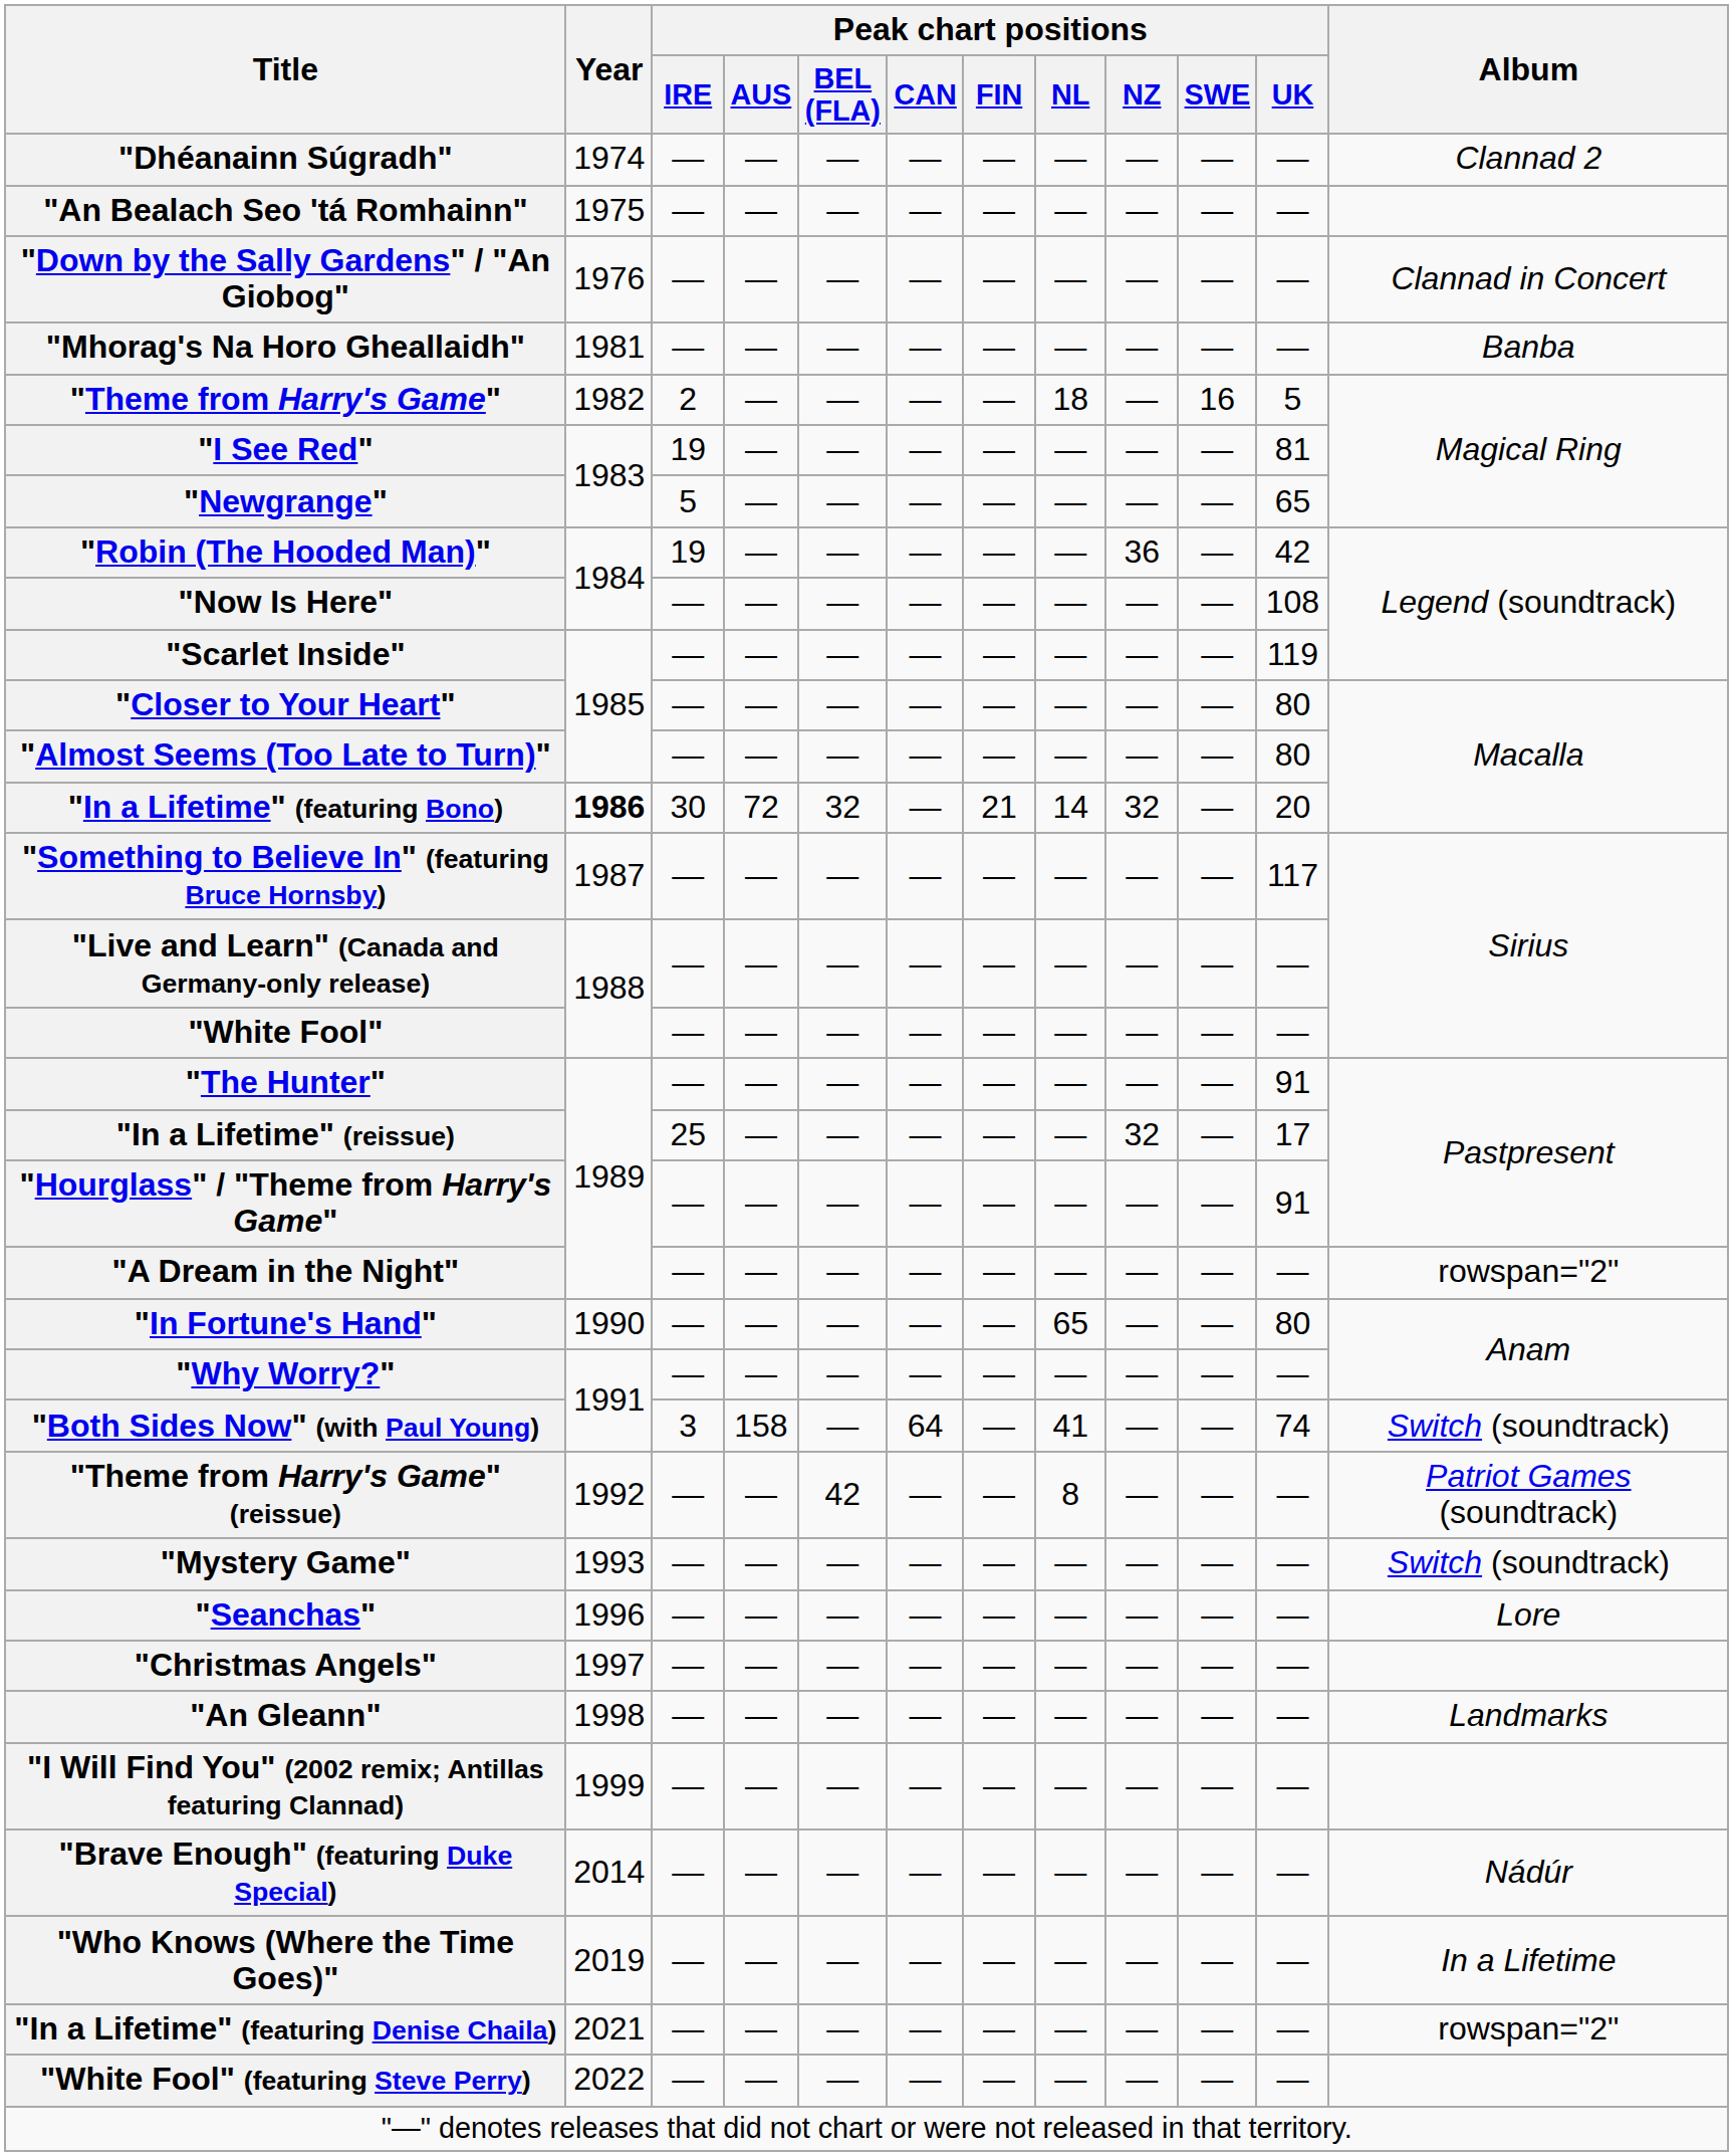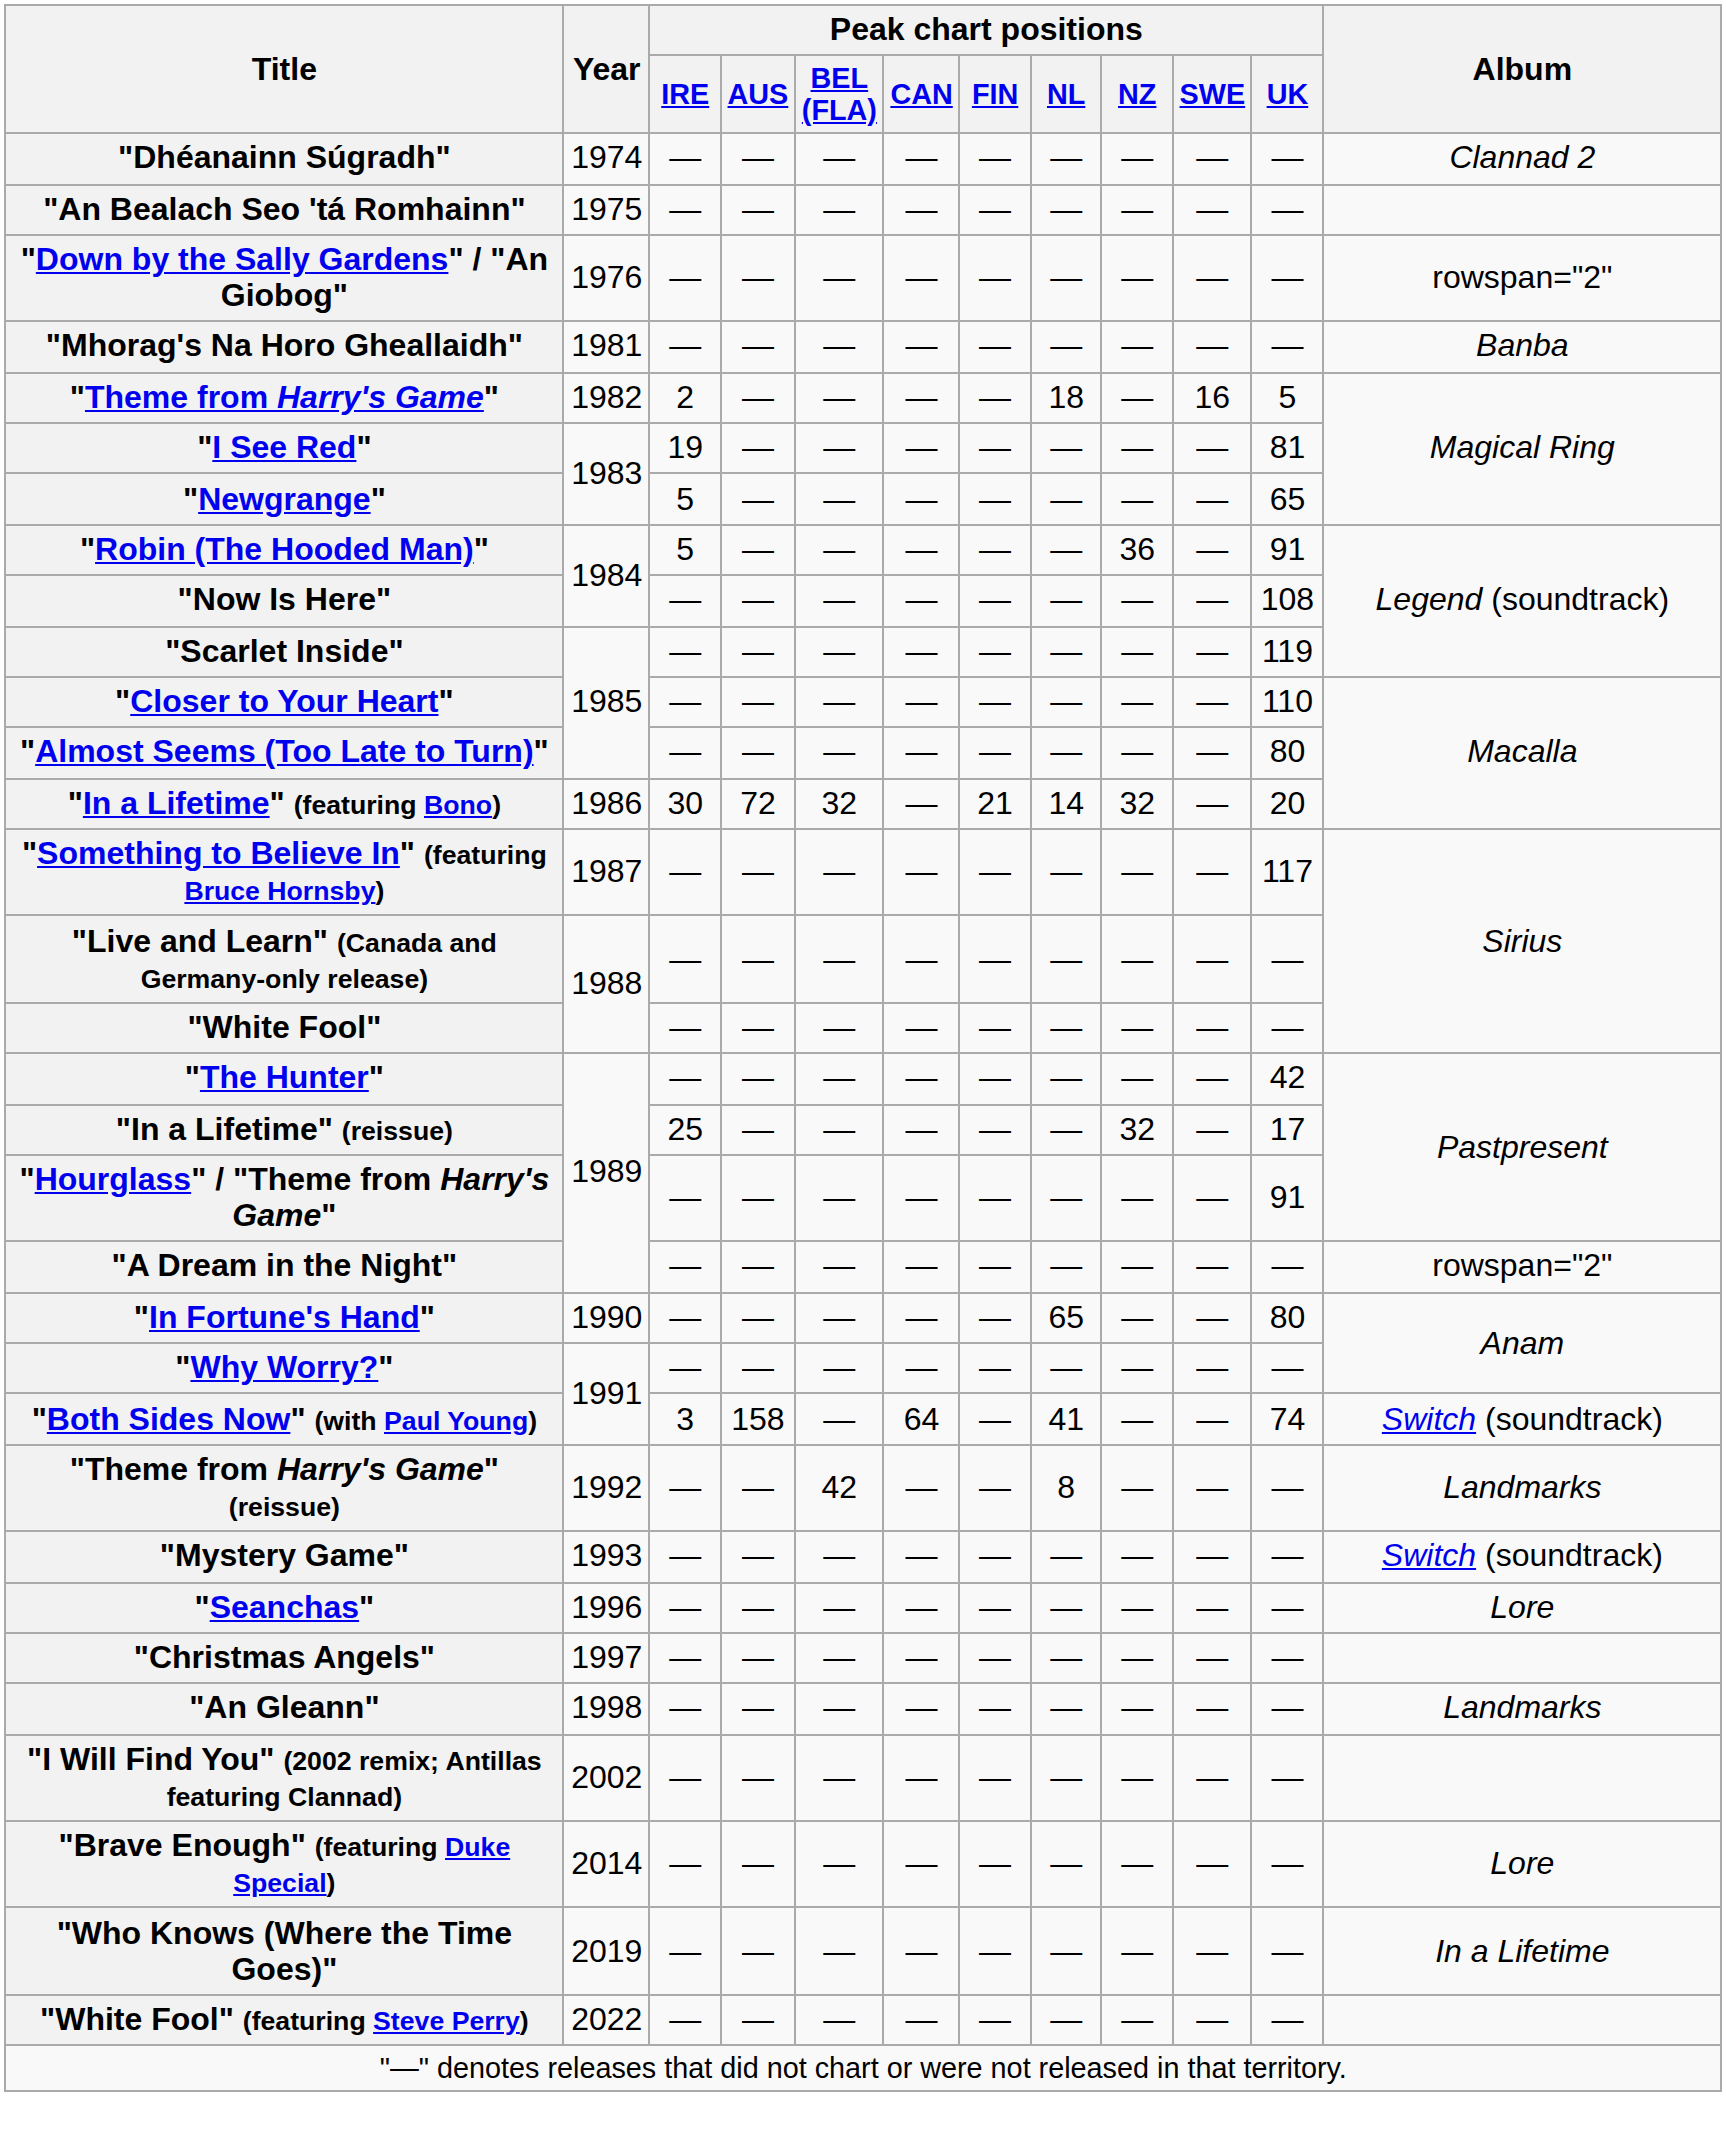 <table class="wikitable plainrowheaders" style="text-align:center;">
 <tr>
 <th rowspan="2" scope="col" style="width:17em;">Title</th>
 <th rowspan="2" scope="col" style="width:2em;">Year</th>
 <th colspan="9">Peak chart positions</th>
 <th rowspan="2" style="width:12em;">Album</th>
 </tr>
 <tr>
 <th scope="col" style="width:2em;font-size:90%;"><a href='#'>IRE</a><br></th>
 <th scope="col" style="width:2em;font-size:90%;"><a href='#'>AUS</a><br></th>
 <th scope="col" style="width:2em;font-size:90%;"><a href='#'>BEL (FLA)</a><br></th>
 <th scope="col" style="width:2em;font-size:90%;"><a href='#'>CAN</a><br></th>
 <th scope="col" style="width:2em;font-size:90%;"><a href='#'>FIN</a><br></th>
 <th scope="col" style="width:2em;font-size:90%;"><a href='#'>NL</a><br></th>
 <th scope="col" style="width:2em;font-size:90%;"><a href='#'>NZ</a><br></th>
 <th scope="col" style="width:2em;font-size:90%;"><a href='#'>SWE</a><br></th>
 <th scope="col" style="width:2em;font-size:90%;"><a href='#'>UK</a><br></th>
 </tr>
 <tr>
 <th scope="row">"Dhéanainn Súgradh"</th>
 <td>1974</td>
 <td>—</td>
 <td>—</td>
 <td>—</td>
 <td>—</td>
 <td>—</td>
 <td>—</td>
 <td>—</td>
 <td>—</td>
 <td>—</td>
 <td><em>Clannad 2</em></td>
 </tr>
 <tr>
 <th scope="row">"An Bealach Seo 'tá Romhainn"</th>
 <td>1975</td>
 <td>—</td>
 <td>—</td>
 <td>—</td>
 <td>—</td>
 <td>—</td>
 <td>—</td>
 <td>—</td>
 <td>—</td>
 <td>—</td>
 <td></td>
 </tr>
 <tr>
 <th scope="row">"<a href='#'>Down by the Sally Gardens</a>" / "An Giobog"</th>
 <td>1976</td>
 <td>—</td>
 <td>—</td>
 <td>—</td>
 <td>—</td>
 <td>—</td>
 <td>—</td>
 <td>—</td>
 <td>—</td>
 <td>—</td>
-<td><em>Clannad in Concert</em></td>
+<td>rowspan="2" </td>
 </tr>
 <tr>
 <th scope="row">"Mhorag's Na Horo Gheallaidh"</th>
 <td>1981</td>
 <td>—</td>
 <td>—</td>
 <td>—</td>
 <td>—</td>
 <td>—</td>
 <td>—</td>
 <td>—</td>
 <td>—</td>
 <td>—</td>
 <td><em>Banba</em></td>
 </tr>
 <tr>
 <th scope="row">"<a href='#'>Theme from <em>Harry's Game</em></a>"</th>
 <td>1982</td>
 <td>2</td>
 <td>—</td>
 <td>—</td>
 <td>—</td>
 <td>—</td>
 <td>18</td>
 <td>—</td>
 <td>16</td>
 <td>5</td>
 <td rowspan="3"><em>Magical Ring</em></td>
 </tr>
 <tr>
 <th scope="row">"<a href='#'>I See Red</a>"</th>
 <td rowspan="2">1983</td>
 <td>19</td>
 <td>—</td>
 <td>—</td>
 <td>—</td>
 <td>—</td>
 <td>—</td>
 <td>—</td>
 <td>—</td>
 <td>81</td>
 </tr>
 <tr>
 <th scope="row">"<a href='#'>Newgrange</a>"</th>
 <td>5</td>
 <td>—</td>
 <td>—</td>
 <td>—</td>
 <td>—</td>
 <td>—</td>
 <td>—</td>
 <td>—</td>
 <td>65</td>
 </tr>
 <tr>
 <th scope="row">"<a href='#'>Robin (The Hooded Man)</a>"</th>
 <td rowspan="2">1984</td>
-<td>19</td>
+<td>5</td>
 <td>—</td>
 <td>—</td>
 <td>—</td>
 <td>—</td>
 <td>—</td>
 <td>36</td>
 <td>—</td>
-<td>42</td>
+<td>91</td>
 <td rowspan="3"><em>Legend</em> (soundtrack)</td>
 </tr>
 <tr>
 <th scope="row">"Now Is Here"</th>
 <td>—</td>
 <td>—</td>
 <td>—</td>
 <td>—</td>
 <td>—</td>
 <td>—</td>
 <td>—</td>
 <td>—</td>
 <td>108</td>
 </tr>
 <tr>
 <th scope="row">"Scarlet Inside"</th>
 <td rowspan="3">1985</td>
 <td>—</td>
 <td>—</td>
 <td>—</td>
 <td>—</td>
 <td>—</td>
 <td>—</td>
 <td>—</td>
 <td>—</td>
 <td>119</td>
 </tr>
 <tr>
 <th scope="row">"<a href='#'>Closer to Your Heart</a>"</th>
 <td>—</td>
 <td>—</td>
 <td>—</td>
 <td>—</td>
 <td>—</td>
 <td>—</td>
 <td>—</td>
 <td>—</td>
-<td>80</td>
+<td>110</td>
 <td rowspan="3"><em>Macalla</em></td>
 </tr>
 <tr>
 <th scope="row">"<a href='#'>Almost Seems (Too Late to Turn)</a>"</th>
 <td>—</td>
 <td>—</td>
 <td>—</td>
 <td>—</td>
 <td>—</td>
 <td>—</td>
 <td>—</td>
 <td>—</td>
 <td>80</td>
 </tr>
 <tr>
 <th scope="row">"<a href='#'>In a Lifetime</a>" <small>(featuring <a href='#'>Bono</a>)</small></th>
-<td><strong>1986</strong></td>
+<td>1986</td>
 <td>30</td>
 <td>72</td>
 <td>32</td>
 <td>—</td>
 <td>21</td>
 <td>14</td>
 <td>32</td>
 <td>—</td>
 <td>20</td>
 </tr>
 <tr>
 <th scope="row">"<a href='#'>Something to Believe In</a>" <small>(featuring <a href='#'>Bruce Hornsby</a>)</small></th>
 <td>1987</td>
 <td>—</td>
 <td>—</td>
 <td>—</td>
 <td>—</td>
 <td>—</td>
 <td>—</td>
 <td>—</td>
 <td>—</td>
 <td>117</td>
 <td rowspan="3"><em>Sirius</em></td>
 </tr>
 <tr>
 <th scope="row">"Live and Learn" <small>(Canada and Germany-only release)</small></th>
 <td rowspan="2">1988</td>
 <td>—</td>
 <td>—</td>
 <td>—</td>
 <td>—</td>
 <td>—</td>
 <td>—</td>
 <td>—</td>
 <td>—</td>
 <td>—</td>
 </tr>
 <tr>
 <th scope="row">"White Fool"</th>
 <td>—</td>
 <td>—</td>
 <td>—</td>
 <td>—</td>
 <td>—</td>
 <td>—</td>
 <td>—</td>
 <td>—</td>
 <td>—</td>
 </tr>
 <tr>
 <th scope="row">"<a href='#'>The Hunter</a>"</th>
 <td rowspan="4">1989</td>
 <td>—</td>
 <td>—</td>
 <td>—</td>
 <td>—</td>
 <td>—</td>
 <td>—</td>
 <td>—</td>
 <td>—</td>
-<td>91</td>
+<td>42</td>
 <td rowspan="3"><em>Pastpresent</em> </td>
 </tr>
 <tr>
 <th scope="row">"In a Lifetime" <small>(reissue)</small></th>
 <td>25</td>
 <td>—</td>
 <td>—</td>
 <td>—</td>
 <td>—</td>
 <td>—</td>
 <td>32</td>
 <td>—</td>
 <td>17</td>
 </tr>
 <tr>
 <th scope="row">"<a href='#'>Hourglass</a>" / "Theme from <em>Harry's Game</em>"</th>
 <td>—</td>
 <td>—</td>
 <td>—</td>
 <td>—</td>
 <td>—</td>
 <td>—</td>
 <td>—</td>
 <td>—</td>
 <td>91</td>
 </tr>
 <tr>
 <th scope="row">"A Dream in the Night"</th>
 <td>—</td>
 <td>—</td>
 <td>—</td>
 <td>—</td>
 <td>—</td>
 <td>—</td>
 <td>—</td>
 <td>—</td>
 <td>—</td>
 <td>rowspan="2" </td>
 </tr>
 <tr>
 <th scope="row">"<a href='#'>In Fortune's Hand</a>"</th>
 <td>1990</td>
 <td>—</td>
 <td>—</td>
 <td>—</td>
 <td>—</td>
 <td>—</td>
 <td>65</td>
 <td>—</td>
 <td>—</td>
 <td>80</td>
 <td rowspan="2"><em>Anam</em></td>
 </tr>
 <tr>
 <th scope="row">"<a href='#'>Why Worry?</a>"</th>
 <td rowspan="2">1991</td>
 <td>—</td>
 <td>—</td>
 <td>—</td>
 <td>—</td>
 <td>—</td>
 <td>—</td>
 <td>—</td>
 <td>—</td>
 <td>—</td>
 </tr>
 <tr>
 <th scope="row">"<a href='#'>Both Sides Now</a>" <small>(with <a href='#'>Paul Young</a>)</small></th>
 <td>3</td>
 <td>158</td>
 <td>—</td>
 <td>64</td>
 <td>—</td>
 <td>41</td>
 <td>—</td>
 <td>—</td>
 <td>74</td>
 <td><em><a href='#'>Switch</a></em> (soundtrack)</td>
 </tr>
 <tr>
 <th scope="row">"Theme from <em>Harry's Game</em>" <small>(reissue)</small> </th>
 <td>1992</td>
 <td>—</td>
 <td>—</td>
 <td>42</td>
 <td>—</td>
 <td>—</td>
 <td>8</td>
 <td>—</td>
 <td>—</td>
 <td>—</td>
-<td><em><a href='#'>Patriot Games</a></em> (soundtrack)</td>
+<td><em>Landmarks</em></td>
 </tr>
 <tr>
 <th scope="row">"Mystery Game"</th>
 <td>1993</td>
 <td>—</td>
 <td>—</td>
 <td>—</td>
 <td>—</td>
 <td>—</td>
 <td>—</td>
 <td>—</td>
 <td>—</td>
 <td>—</td>
 <td><em><a href='#'>Switch</a></em> (soundtrack)</td>
 </tr>
 <tr>
 <th scope="row">"<a href='#'>Seanchas</a>"</th>
 <td>1996</td>
 <td>—</td>
 <td>—</td>
 <td>—</td>
 <td>—</td>
 <td>—</td>
 <td>—</td>
 <td>—</td>
 <td>—</td>
 <td>—</td>
 <td><em>Lore</em></td>
 </tr>
 <tr>
 <th scope="row">"Christmas Angels"</th>
 <td>1997</td>
 <td>—</td>
 <td>—</td>
 <td>—</td>
 <td>—</td>
 <td>—</td>
 <td>—</td>
 <td>—</td>
 <td>—</td>
 <td>—</td>
 <td></td>
 </tr>
 <tr>
 <th scope="row">"An Gleann"</th>
 <td>1998</td>
 <td>—</td>
 <td>—</td>
 <td>—</td>
 <td>—</td>
 <td>—</td>
 <td>—</td>
 <td>—</td>
 <td>—</td>
 <td>—</td>
 <td><em>Landmarks</em></td>
 </tr>
 <tr>
 <th scope="row">"I Will Find You" <small>(2002 remix; Antillas featuring Clannad)</small></th>
-<td>1999</td>
+<td>2002</td>
 <td>—</td>
 <td>—</td>
 <td>—</td>
 <td>—</td>
 <td>—</td>
 <td>—</td>
 <td>—</td>
 <td>—</td>
 <td>—</td>
 <td></td>
 </tr>
 <tr>
 <th scope="row">"Brave Enough" <small>(featuring <a href='#'>Duke Special</a>)</small></th>
 <td>2014</td>
 <td>—</td>
 <td>—</td>
 <td>—</td>
 <td>—</td>
 <td>—</td>
 <td>—</td>
 <td>—</td>
 <td>—</td>
 <td>—</td>
-<td><em>Nádúr</em></td>
+<td><em>Lore</em></td>
 </tr>
 <tr>
 <th scope="row">"Who Knows (Where the Time Goes)"</th>
 <td>2019</td>
 <td>—</td>
 <td>—</td>
 <td>—</td>
 <td>—</td>
 <td>—</td>
 <td>—</td>
 <td>—</td>
 <td>—</td>
 <td>—</td>
 <td><em>In a Lifetime</em></td>
-</tr>
-<tr>
-<th scope="row">"In a Lifetime" <small>(featuring <a href='#'>Denise Chaila</a>)</small></th>
-<td>2021</td>
-<td>—</td>
-<td>—</td>
-<td>—</td>
-<td>—</td>
-<td>—</td>
-<td>—</td>
-<td>—</td>
-<td>—</td>
-<td>—</td>
-<td>rowspan="2" </td>
 </tr>
 <tr>
 <th scope="row">"White Fool" <small>(featuring <a href='#'>Steve Perry</a>)</small></th>
 <td>2022</td>
 <td>—</td>
 <td>—</td>
 <td>—</td>
 <td>—</td>
 <td>—</td>
 <td>—</td>
 <td>—</td>
 <td>—</td>
 <td>—</td>
 </tr>
 <tr>
 <td colspan="12" style="font-size:90%">"—" denotes releases that did not chart or were not released in that territory.</td>
 </tr>
 </table>
